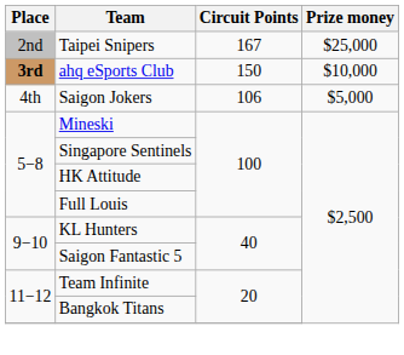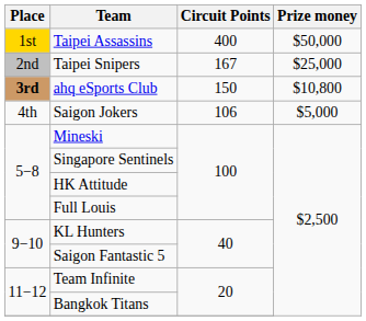 <table class="wikitable" style="text-align:left">
 <tr>
 <th style="text-align:center"><strong>Place</strong></th>
 <th style="text-align:center"><strong>Team</strong></th>
 <th style="text-align:center"><strong>Circuit Points</strong></th>
 <th style="text-align:center"><strong>Prize money</strong></th>
+</tr>
+<tr>
+<td style="text-align:center; background:gold;">1st</td>
+<td> <a href='#'>Taipei Assassins</a></td>
+<td style="text-align:center">400</td>
+<td style="text-align:center">$50,000</td>
 </tr>
 <tr>
 <td style="text-align:center; background:silver;">2nd</td>
 <td> Taipei Snipers</td>
 <td style="text-align:center">167</td>
 <td style="text-align:center">$25,000</td>
 </tr>
 <tr>
 <td style="text-align:center; background:#c96;"><strong>3rd</strong></td>
 <td> <a href='#'>ahq eSports Club</a></td>
 <td style="text-align:center">150</td>
-<td style="text-align:center">$10,000</td>
+<td style="text-align:center">$10,800</td>
 </tr>
 <tr>
 <td style="text-align:center">4th</td>
 <td> Saigon Jokers</td>
 <td style="text-align:center">106</td>
 <td style="text-align:center">$5,000</td>
 </tr>
 <tr>
 <td style="text-align:center" rowspan="4">5−8</td>
 <td> <a href='#'>Mineski</a></td>
 <td style="text-align:center" rowspan="4">100</td>
 <td style="text-align:center" rowspan="12">$2,500</td>
 </tr>
 <tr>
 <td> ⁠Singapore Sentinels</td>
 </tr>
 <tr>
 <td> HK Attitude</td>
 </tr>
 <tr>
 <td> Full Louis</td>
 </tr>
 <tr>
 <td style="text-align:center" rowspan="2">9−10</td>
 <td> KL Hunters</td>
 <td style="text-align:center" rowspan="2">40</td>
 </tr>
 <tr>
 <td> Saigon Fantastic 5</td>
 </tr>
 <tr>
 <td style="text-align:center" rowspan="2">11−12</td>
 <td> Team Infinite</td>
 <td style="text-align:center" rowspan="2">20</td>
 </tr>
 <tr>
 <td> Bangkok Titans</td>
 </tr>
 <tr>
 </tr>
 </table>
